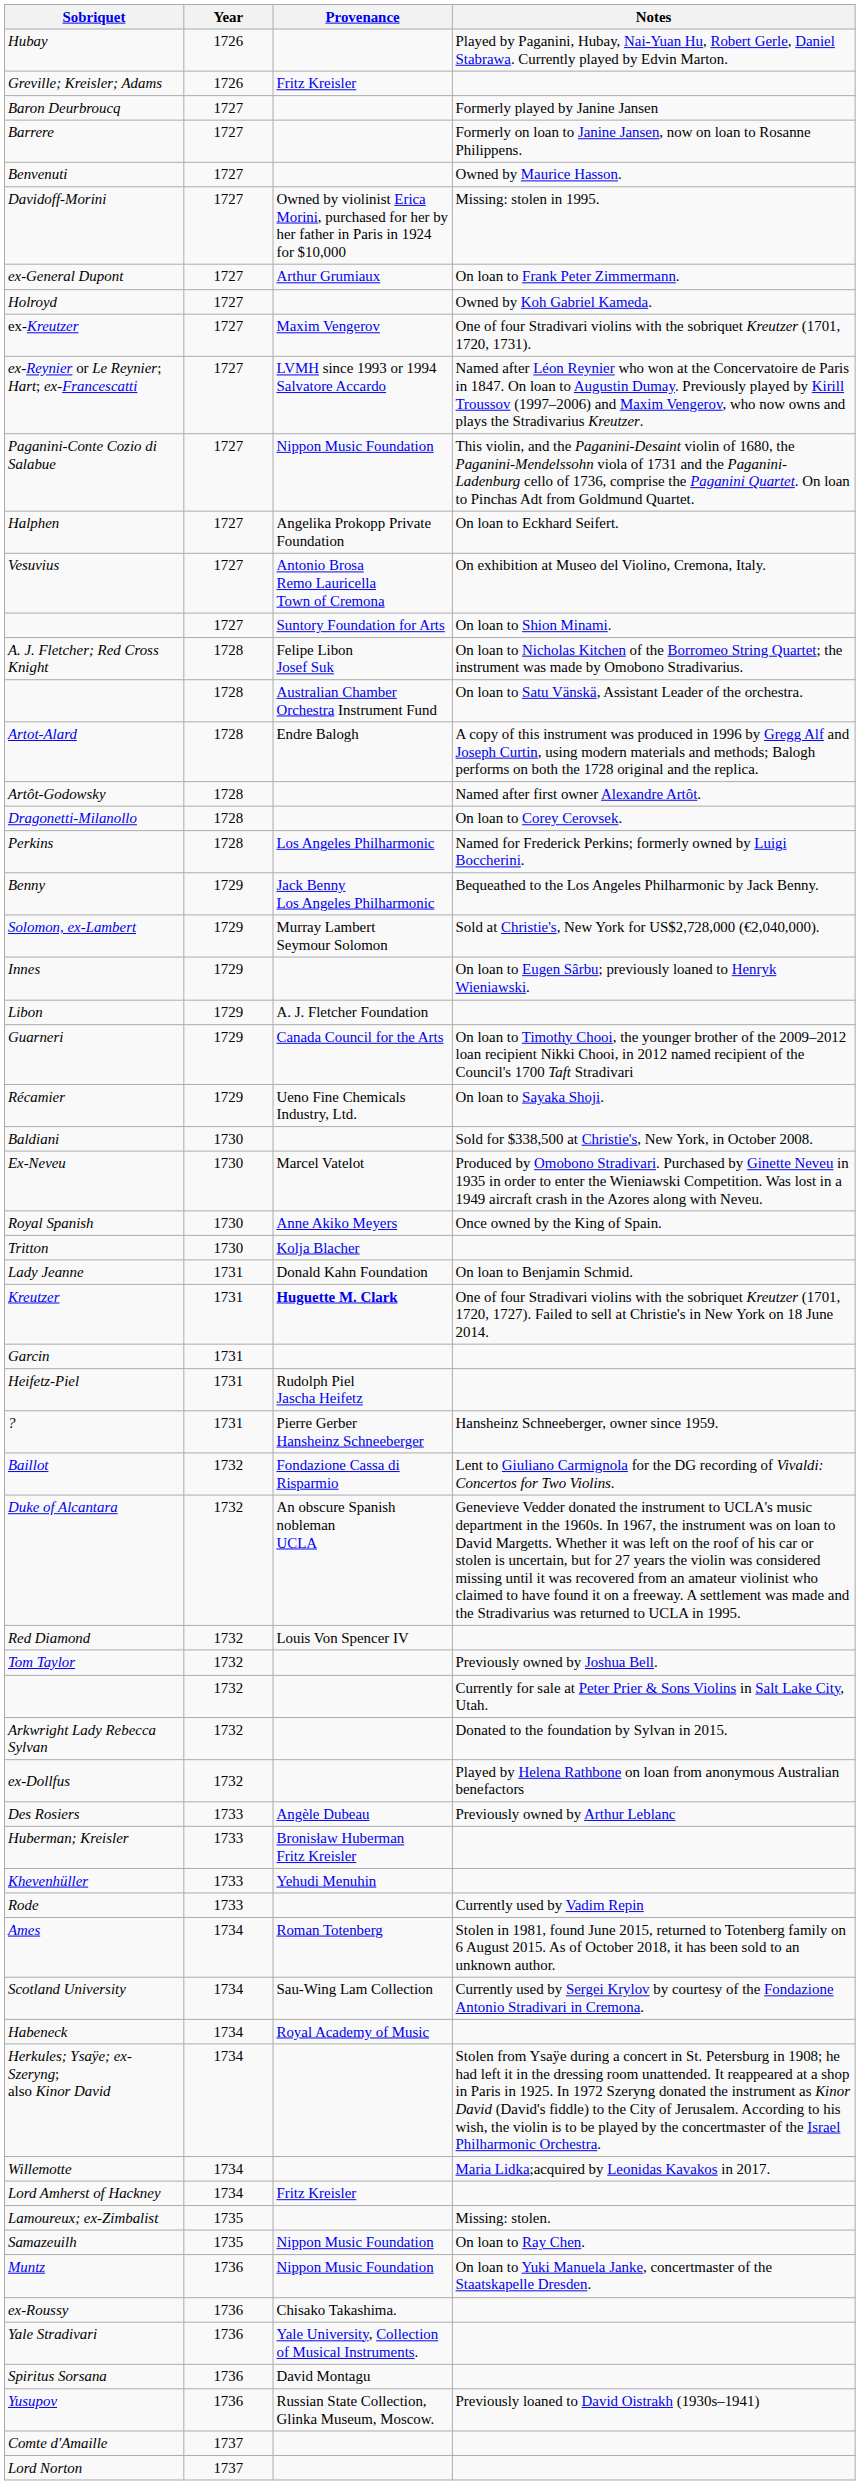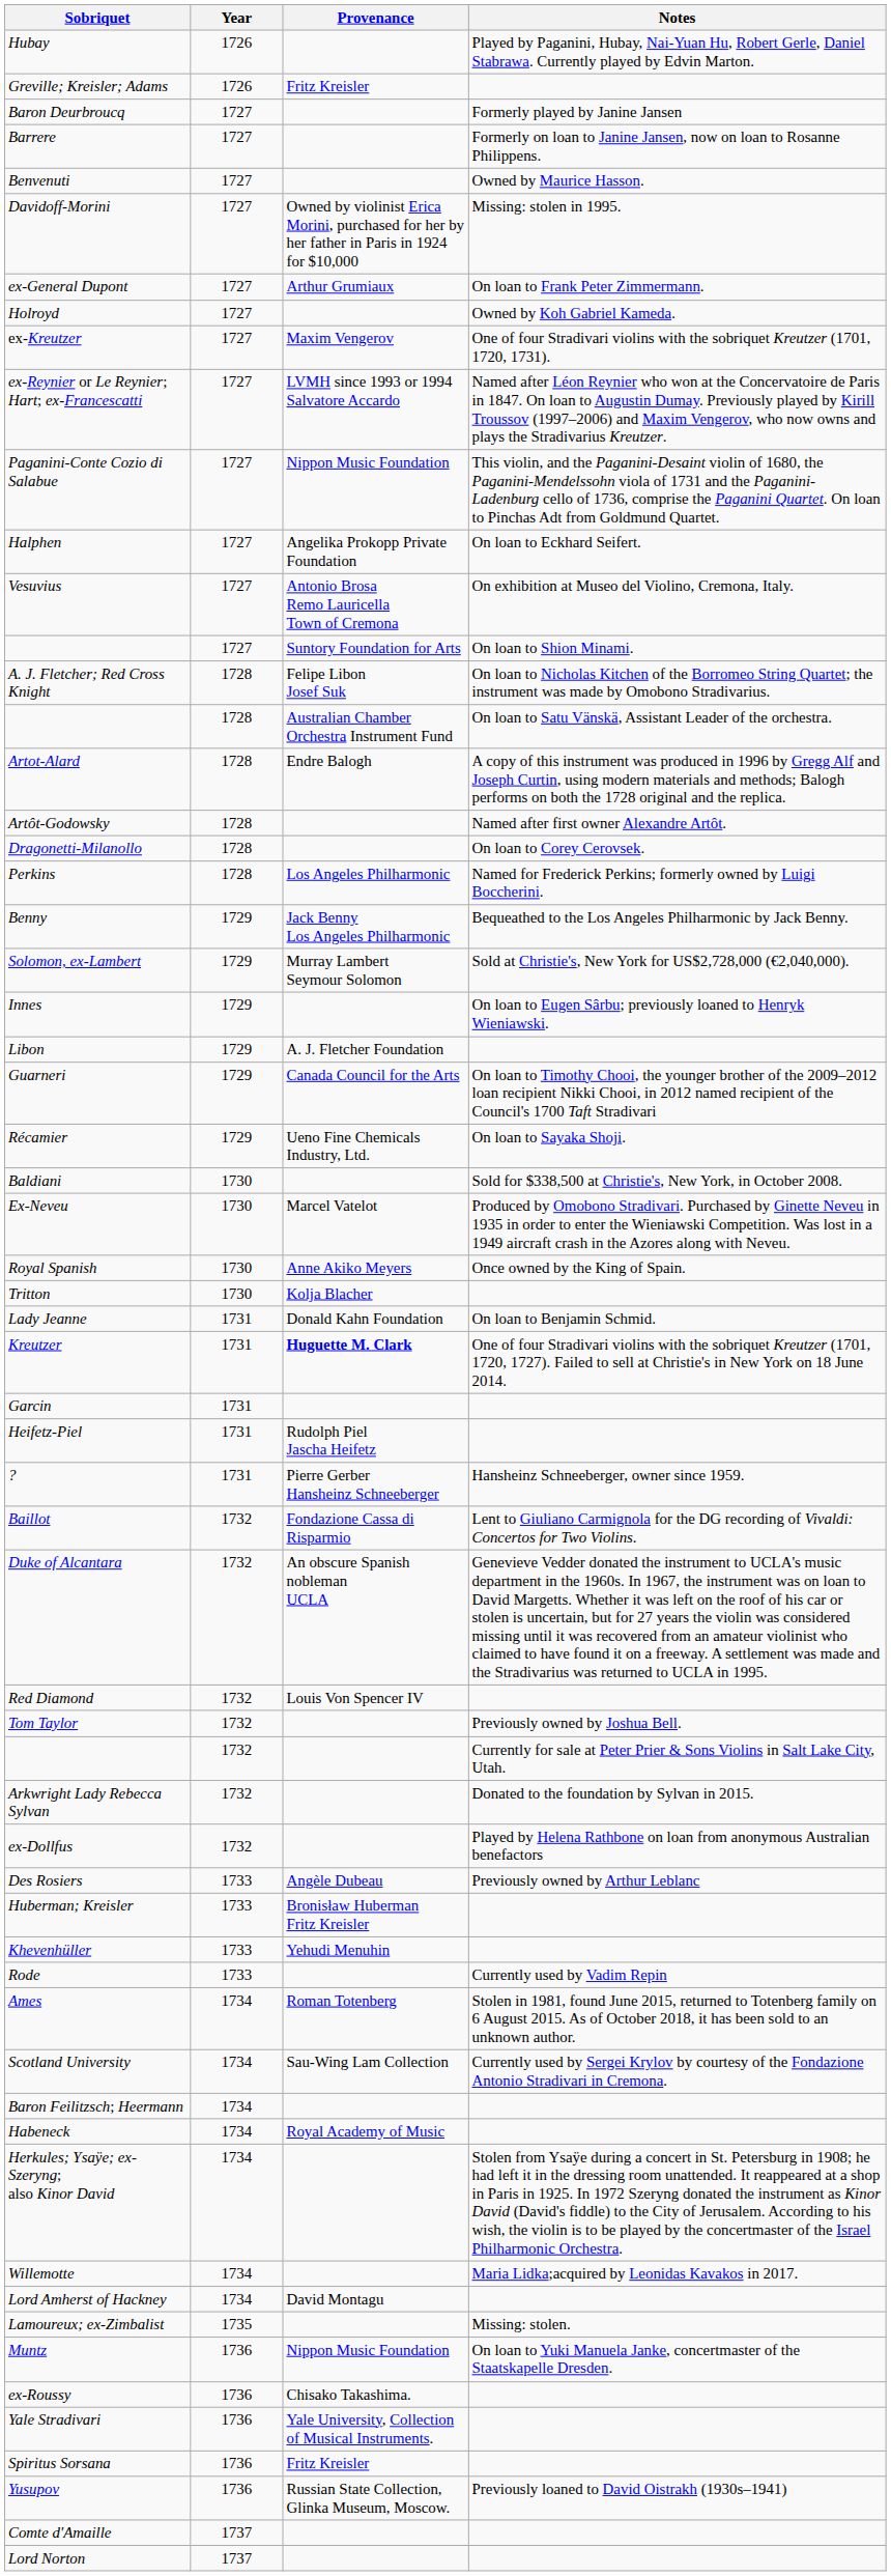 <table class="sortable wikitable" style="margins:auto; width=95%; font-size: 95%;">
 <tr>
 <th width="20%"><a href='#'>Sobriquet</a></th>
 <th width="10%">Year</th>
 <th width="20%"><a href='#'>Provenance</a></th>
 <th width="45%">Notes</th>
 </tr>
 <tr valign="top">
 <td><em>Hubay</em></td>
 <td align=center>1726</td>
 <td></td>
 <td>Played by Paganini, Hubay, <a href='#'>Nai-Yuan Hu</a>, <a href='#'>Robert Gerle</a>, <a href='#'>Daniel Stabrawa</a>. Currently played by Edvin Marton.</td>
 </tr>
 <tr valign="top">
 <td><em>Greville; Kreisler; Adams</em></td>
 <td align=center>1726</td>
 <td><a href='#'>Fritz Kreisler</a></td>
 <td></td>
 </tr>
 <tr valign="top">
 <td><em>Baron Deurbroucq</em></td>
 <td align=center>1727</td>
 <td></td>
 <td>Formerly played by Janine Jansen</td>
 </tr>
 <tr valign="top">
 <td><em>Barrere</em></td>
 <td align=center>1727</td>
 <td></td>
 <td>Formerly on loan to <a href='#'>Janine Jansen</a>, now on loan to Rosanne Philippens.</td>
 </tr>
 <tr valign="top">
 <td><em>Benvenuti</em></td>
 <td align=center>1727</td>
 <td></td>
 <td>Owned by <a href='#'>Maurice Hasson</a>.</td>
 </tr>
 <tr valign="top">
 <td><em>Davidoff-Morini</em></td>
 <td align=center>1727</td>
 <td>Owned by violinist <a href='#'>Erica Morini</a>, purchased for her by her father in Paris in 1924 for $10,000</td>
 <td>Missing: stolen in 1995.</td>
 </tr>
 <tr valign="top">
 <td><em>ex-General Dupont</em></td>
 <td align=center>1727</td>
 <td><a href='#'>Arthur Grumiaux</a></td>
 <td>On loan to <a href='#'>Frank Peter Zimmermann</a>.</td>
 </tr>
 <tr valign="top">
 <td><em>Holroyd</em></td>
 <td align=center>1727</td>
 <td></td>
 <td>Owned by <a href='#'>Koh Gabriel Kameda</a>.</td>
 </tr>
 <tr valign="top">
 <td>ex-<em><a href='#'>Kreutzer</a></em></td>
 <td align=center>1727</td>
 <td><a href='#'>Maxim Vengerov</a></td>
 <td>One of four Stradivari violins with the sobriquet <em>Kreutzer</em> (1701, 1720, 1731).</td>
 </tr>
 <tr valign="top">
 <td><em>ex-<a href='#'>Reynier</a></em> or <em>Le Reynier</em>; <em>Hart</em>; <em>ex-<a href='#'>Francescatti</a></em></td>
 <td align=center>1727</td>
 <td><a href='#'>LVMH</a> since 1993 or 1994<br><a href='#'>Salvatore Accardo</a></td>
 <td>Named after <a href='#'>Léon Reynier</a> who won at the Concervatoire de Paris in 1847. On loan to <a href='#'>Augustin Dumay</a>. Previously played by <a href='#'>Kirill Troussov</a> (1997–2006) and <a href='#'>Maxim Vengerov</a>, who now owns and plays the Stradivarius <em>Kreutzer</em>.</td>
 </tr>
 <tr valign="top">
 <td><em>Paganini-Conte Cozio di Salabue</em></td>
 <td align=center>1727</td>
 <td><a href='#'>Nippon Music Foundation</a></td>
 <td>This violin, and the <em>Paganini-Desaint</em> violin of 1680, the <em>Paganini-Mendelssohn</em> viola of 1731 and the <em>Paganini-Ladenburg</em> cello of 1736, comprise the <em><a href='#'>Paganini Quartet</a></em>. On loan to Pinchas Adt from Goldmund Quartet.</td>
 </tr>
 <tr valign="top">
 <td><em>Halphen</em></td>
 <td align=center>1727</td>
 <td>Angelika Prokopp Private Foundation</td>
 <td>On loan to Eckhard Seifert.</td>
 </tr>
 <tr valign="top">
 <td><em>Vesuvius</em></td>
 <td align=center>1727</td>
 <td><a href='#'>Antonio Brosa</a><br><a href='#'>Remo Lauricella</a><br><a href='#'>Town of Cremona</a></td>
 <td>On exhibition at Museo del Violino, Cremona, Italy.</td>
 </tr>
 <tr valign="top">
 <td></td>
 <td align=center>1727</td>
 <td><a href='#'>Suntory Foundation for Arts</a></td>
 <td>On loan to <a href='#'>Shion Minami</a>.</td>
 </tr>
 <tr valign="top">
 <td><em>A. J. Fletcher; Red Cross Knight</em></td>
 <td align=center>1728</td>
 <td>Felipe Libon<br><a href='#'>Josef Suk</a></td>
 <td>On loan to <a href='#'>Nicholas Kitchen</a> of the <a href='#'>Borromeo String Quartet</a>; the instrument was made by Omobono Stradivarius.</td>
 </tr>
 <tr valign="top">
 <td></td>
 <td align=center>1728</td>
 <td><a href='#'>Australian Chamber Orchestra</a> Instrument Fund</td>
 <td>On loan to <a href='#'>Satu Vänskä</a>, Assistant Leader of the orchestra.</td>
 </tr>
 <tr valign="top">
 <td><em><a href='#'>Artot-Alard</a></em></td>
 <td align=center>1728</td>
 <td>Endre Balogh</td>
 <td>A copy of this instrument was produced in 1996 by <a href='#'>Gregg Alf</a> and <a href='#'>Joseph Curtin</a>, using modern materials and methods; Balogh performs on both the 1728 original and the replica.</td>
 </tr>
 <tr valign="top">
 <td><em>Artôt-Godowsky</em></td>
 <td align=center>1728</td>
 <td></td>
 <td>Named after first owner <a href='#'>Alexandre Artôt</a>.</td>
 </tr>
 <tr valign="top">
 <td><em><a href='#'>Dragonetti-Milanollo</a></em></td>
 <td align=center>1728</td>
 <td></td>
 <td>On loan to <a href='#'>Corey Cerovsek</a>.</td>
 </tr>
 <tr valign="top">
 <td><em>Perkins</em></td>
 <td align=center>1728</td>
 <td><a href='#'>Los Angeles Philharmonic</a></td>
 <td>Named for Frederick Perkins; formerly owned by <a href='#'>Luigi Boccherini</a>.</td>
 </tr>
 <tr valign="top">
 <td><em>Benny</em></td>
 <td align=center>1729</td>
 <td><a href='#'>Jack Benny</a><br><a href='#'>Los Angeles Philharmonic</a></td>
 <td>Bequeathed to the Los Angeles Philharmonic by Jack Benny.</td>
 </tr>
 <tr valign="top">
 <td><em><a href='#'>Solomon, ex-Lambert</a></em></td>
 <td align=center>1729</td>
 <td>Murray Lambert<br>Seymour Solomon</td>
 <td>Sold at <a href='#'>Christie's</a>, New York for US$2,728,000 (€2,040,000).</td>
 </tr>
 <tr valign="top">
 <td><em>Innes</em></td>
 <td align=center>1729</td>
 <td></td>
 <td>On loan to <a href='#'>Eugen Sârbu</a>; previously loaned to <a href='#'>Henryk Wieniawski</a>.</td>
 </tr>
 <tr valign="top">
 <td><em>Libon</em></td>
 <td align=center>1729</td>
 <td>A. J. Fletcher Foundation</td>
 <td></td>
 </tr>
 <tr valign="top">
 <td><em>Guarneri</em></td>
 <td align=center>1729</td>
 <td><a href='#'>Canada Council for the Arts</a></td>
 <td>On loan to <a href='#'>Timothy Chooi</a>, the younger brother of the 2009–2012 loan recipient Nikki Chooi, in 2012 named recipient of the Council's 1700 <em>Taft</em> Stradivari</td>
 </tr>
 <tr valign="top">
 <td><em>Récamier</em></td>
 <td align=center>1729</td>
 <td>Ueno Fine Chemicals Industry, Ltd.</td>
 <td>On loan to <a href='#'>Sayaka Shoji</a>.</td>
 </tr>
 <tr valign="top">
 <td><em>Baldiani</em></td>
 <td align=center>1730</td>
 <td></td>
 <td>Sold for $338,500 at <a href='#'>Christie's</a>, New York, in October 2008.</td>
 </tr>
 <tr valign="top">
 <td><em>Ex-Neveu</em></td>
 <td align=center>1730</td>
 <td>Marcel Vatelot</td>
 <td>Produced by <a href='#'>Omobono Stradivari</a>. Purchased by <a href='#'>Ginette Neveu</a> in 1935 in order to enter the Wieniawski Competition. Was lost in a 1949 aircraft crash in the Azores along with Neveu.</td>
 </tr>
 <tr valign="top">
 <td><em>Royal Spanish</em></td>
 <td align=center>1730</td>
 <td><a href='#'>Anne Akiko Meyers</a></td>
 <td>Once owned by the King of Spain.</td>
 </tr>
 <tr valign="top">
 <td><em>Tritton</em></td>
 <td align=center>1730</td>
 <td><a href='#'>Kolja Blacher</a></td>
 <td></td>
 </tr>
 <tr valign="top">
 <td><em>Lady Jeanne</em></td>
 <td align=center>1731</td>
 <td>Donald Kahn Foundation</td>
 <td>On loan to Benjamin Schmid.</td>
 </tr>
 <tr valign="top">
 <td><em><a href='#'>Kreutzer</a></em></td>
 <td align=center>1731</td>
 <td><strong><a href='#'>Huguette M. Clark</a></strong></td>
 <td>One of four Stradivari violins with the sobriquet <em>Kreutzer</em> (1701, 1720, 1727). Failed to sell at Christie's in New York on 18 June 2014.</td>
 </tr>
 <tr valign="top">
 <td><em>Garcin</em></td>
 <td align=center>1731</td>
 <td></td>
 <td></td>
 </tr>
 <tr valign="top">
 <td><em>Heifetz-Piel</em></td>
 <td align=center>1731</td>
 <td>Rudolph Piel<br><a href='#'>Jascha Heifetz</a></td>
 <td></td>
 </tr>
 <tr valign="top">
 <td><em>?</em></td>
 <td align=center>1731</td>
 <td>Pierre Gerber<br><a href='#'>Hansheinz Schneeberger</a></td>
 <td>Hansheinz Schneeberger, owner since 1959.</td>
 </tr>
 <tr valign="top">
 <td><em><a href='#'>Baillot</a></em></td>
 <td align=center>1732</td>
 <td><a href='#'>Fondazione Cassa di Risparmio</a></td>
 <td>Lent to <a href='#'>Giuliano Carmignola</a> for the DG recording of <em>Vivaldi: Concertos for Two Violins</em>.</td>
 </tr>
 <tr valign="top">
 <td><a href='#'><em>Duke of Alcantara</em></a></td>
 <td align=center>1732</td>
 <td>An obscure Spanish nobleman<br><a href='#'>UCLA</a></td>
 <td>Genevieve Vedder donated the instrument to UCLA's music department in the 1960s. In 1967, the instrument was on loan to David Margetts. Whether it was left on the roof of his car or stolen is uncertain, but for 27 years the violin was considered missing until it was recovered from an amateur violinist who claimed to have found it on a freeway. A settlement was made and the Stradivarius was returned to UCLA in 1995.</td>
 </tr>
 <tr valign="top">
 <td><em>Red Diamond</em></td>
 <td align=center>1732</td>
 <td>Louis Von Spencer IV</td>
 <td></td>
 </tr>
 <tr valign="top">
 <td><em><a href='#'>Tom Taylor</a></em></td>
 <td align=center>1732</td>
 <td></td>
 <td>Previously owned by <a href='#'>Joshua Bell</a>.</td>
 </tr>
 <tr valign="top">
 <td></td>
 <td align=center>1732</td>
 <td></td>
 <td>Currently for sale at <a href='#'>Peter Prier & Sons Violins</a> in <a href='#'>Salt Lake City</a>, Utah.</td>
 </tr>
 <tr valign="top">
 <td><em>Arkwright Lady Rebecca Sylvan</em></td>
 <td align=center>1732</td>
 <td></td>
 <td>Donated to the foundation by Sylvan in 2015.</td>
 </tr>
 <tr>
 <td><em>ex-Dollfus</em></td>
 <td align=center>1732</td>
 <td></td>
 <td>Played by <a href='#'>Helena Rathbone</a> on loan from anonymous Australian benefactors</td>
 </tr>
 <tr valign="top">
 <td><em>Des Rosiers</em></td>
 <td align="center">1733</td>
 <td><a href='#'>Angèle Dubeau</a></td>
 <td>Previously owned by <a href='#'>Arthur Leblanc</a></td>
 </tr>
 <tr valign="top">
 <td><em>Huberman; Kreisler</em></td>
 <td align=center>1733</td>
 <td><a href='#'>Bronisław Huberman</a><br><a href='#'>Fritz Kreisler</a></td>
 <td></td>
 </tr>
 <tr valign="top">
 <td><em><a href='#'>Khevenhüller</a></em></td>
 <td align=center>1733</td>
 <td><a href='#'>Yehudi Menuhin</a></td>
 <td></td>
 </tr>
 <tr valign="top">
 <td><em>Rode</em></td>
 <td align=center>1733</td>
 <td></td>
 <td>Currently used by <a href='#'>Vadim Repin</a></td>
 </tr>
 <tr valign="top">
 <td><em><a href='#'>Ames</a></em></td>
 <td align=center>1734</td>
 <td><a href='#'>Roman Totenberg</a></td>
 <td>Stolen in 1981, found June 2015, returned to Totenberg family on 6 August 2015. As of October 2018, it has been sold to an unknown author.</td>
 </tr>
 <tr valign="top">
 <td><em>Scotland University</em></td>
 <td align=center>1734</td>
 <td>Sau-Wing Lam Collection</td>
 <td>Currently used by <a href='#'>Sergei Krylov</a> by courtesy of the <a href='#'>Fondazione Antonio Stradivari in Cremona</a>.</td>
 </tr>
 <tr valign="top">
+<td><em>Baron Feilitzsch</em>; <em>Heermann</em></td>
+<td align=center>1734</td>
+<td></td>
+<td></td>
+</tr>
+<tr valign="top">
 <td><em>Habeneck</em></td>
 <td align=center>1734</td>
 <td><a href='#'>Royal Academy of Music</a></td>
 <td></td>
 </tr>
 <tr valign="top">
 <td><em>Herkules; Ysaÿe; ex-Szeryng</em>; <br> also <em>Kinor David</em></td>
 <td align=center>1734</td>
 <td></td>
 <td>Stolen from Ysaÿe during a concert in St. Petersburg in 1908; he had left it in the dressing room unattended. It reappeared at a shop in Paris in 1925. In 1972 Szeryng donated the instrument as <em>Kinor David</em> (David's fiddle) to the City of Jerusalem. According to his wish, the violin is to be played by the concertmaster of the <a href='#'>Israel Philharmonic Orchestra</a>.</td>
 </tr>
 <tr valign="top">
 <td><em>Willemotte</em></td>
 <td align=center>1734</td>
 <td></td>
 <td><a href='#'>Maria Lidka</a>;acquired by <a href='#'>Leonidas Kavakos</a> in 2017.</td>
 </tr>
 <tr valign="top">
 <td><em>Lord Amherst of Hackney</em></td>
 <td align=center>1734</td>
-<td><a href='#'>Fritz Kreisler</a></td>
+<td>David Montagu</td>
 <td></td>
 </tr>
 <tr valign="top">
 <td><em>Lamoureux; ex-Zimbalist</em></td>
 <td align=center>1735</td>
 <td></td>
 <td>Missing: stolen.</td>
-</tr>
-<tr valign="top">
-<td><em>Samazeuilh</em></td>
-<td align=center>1735</td>
-<td><a href='#'>Nippon Music Foundation</a></td>
-<td>On loan to <a href='#'>Ray Chen</a>.</td>
 </tr>
 <tr valign="top">
 <td><em><a href='#'>Muntz</a></em></td>
 <td align=center>1736</td>
 <td><a href='#'>Nippon Music Foundation</a></td>
 <td>On loan to <a href='#'>Yuki Manuela Janke</a>, concertmaster of the <a href='#'>Staatskapelle Dresden</a>.</td>
 </tr>
 <tr valign="top">
 <td><em>ex-Roussy</em></td>
 <td align=center>1736</td>
 <td>Chisako Takashima.</td>
 <td></td>
 </tr>
 <tr valign="top">
 <td><em>Yale Stradivari</em></td>
 <td align=center>1736</td>
 <td><a href='#'>Yale University</a>, <a href='#'>Collection of Musical Instruments</a>.</td>
 <td></td>
 </tr>
 <tr valign="top">
 <td><em>Spiritus Sorsana</em></td>
 <td align=center>1736</td>
-<td>David Montagu</td>
+<td><a href='#'>Fritz Kreisler</a></td>
 <td></td>
 </tr>
 <tr valign="top">
 <td><em><a href='#'>Yusupov</a></em></td>
 <td align=center>1736</td>
 <td>Russian State Collection, Glinka Museum, Moscow.</td>
 <td>Previously loaned to <a href='#'>David Oistrakh</a> (1930s–1941)</td>
 </tr>
 <tr valign="top">
 <td><em>Comte d'Amaille</em></td>
 <td align=center>1737</td>
 <td></td>
 <td></td>
 </tr>
 <tr valign="top">
 <td><em>Lord Norton</em></td>
 <td align=center>1737</td>
 <td></td>
 </tr>
 </table>
